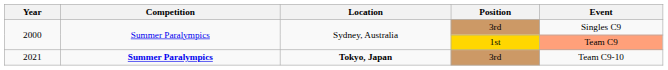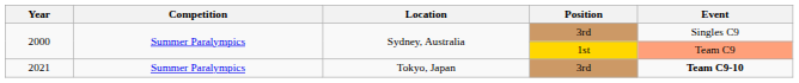 <table class="wikitable" width=65% style="font-size:90%; text-align:center;">
 <tr>
 <th>Year</th>
 <th>Competition</th>
 <th>Location</th>
 <th>Position</th>
 <th>Event</th>
 </tr>
 <tr>
 <td rowspan=2>2000</td>
 <td rowspan=2><a href='#'>Summer Paralympics</a></td>
 <td rowspan=2>Sydney, Australia</td>
 <td bgcolor="cc9966">3rd</td>
 <td>Singles C9</td>
 </tr>
 <tr>
 <td bgcolor="gold">1st</td>
 <td style="background: lightsalmon;">Team C9</td>
 </tr>
 <tr>
 <td>2021</td>
-<td><strong><a href='#'>Summer Paralympics</a></strong></td>
-<td><strong>Tokyo, Japan</strong></td>
+<td><a href='#'>Summer Paralympics</a></td>
+<td>Tokyo, Japan</td>
 <td bgcolor="cc9966">3rd</td>
-<td>Team C9-10</td>
+<td><strong>Team C9-10</strong></td>
 </tr>
 </table>
